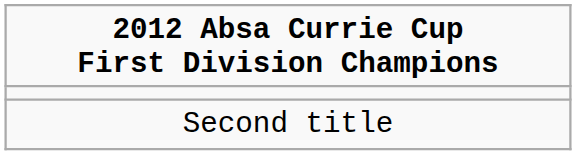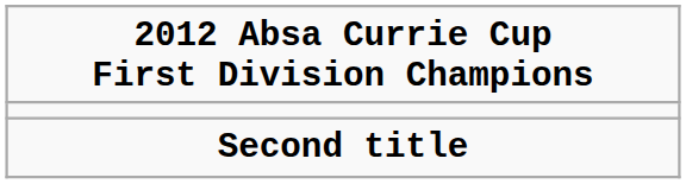 <table class="wikitable" style="text-align: center; margin: 0 auto; width: 20%">
 <tr>
 <td><strong>2012 Absa Currie Cup <br>First Division Champions</strong></td>
 </tr>
 <tr>
 <td><strong></strong></td>
 </tr>
 <tr>
-<td>Second title</td>
+<td><strong>Second title</strong></td>
 </tr>
 </table>
